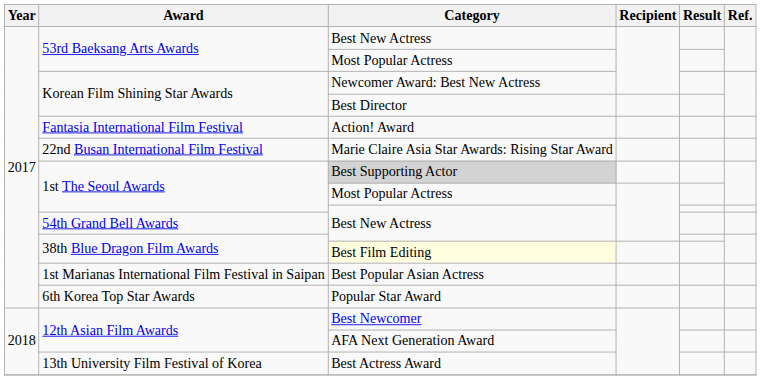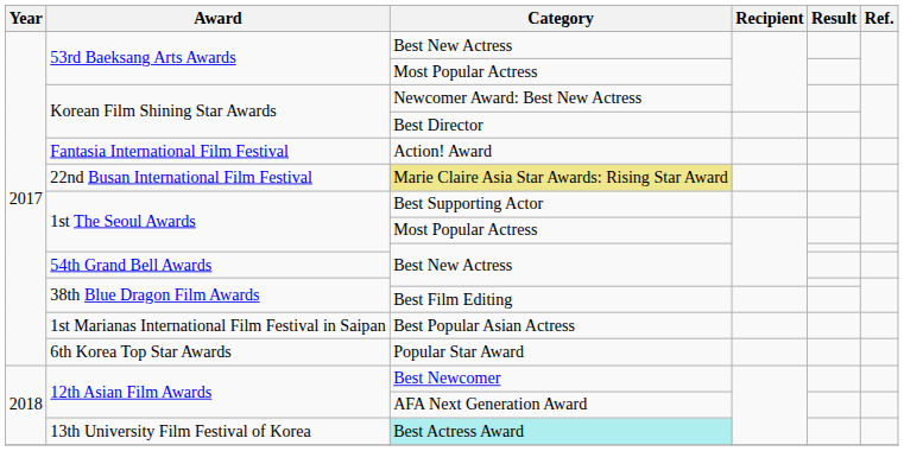 <table class="wikitable sortable">
 <tr>
 <th>Year</th>
 <th>Award</th>
 <th>Category</th>
 <th>Recipient</th>
 <th>Result</th>
 <th>Ref.</th>
 </tr>
 <tr>
 <td rowspan="14">2017</td>
 <td rowspan="2"><a href='#'>53rd Baeksang Arts Awards</a></td>
 <td>Best New Actress</td>
 <td rowspan="3"></td>
 <td></td>
 <td rowspan="2"></td>
 </tr>
 <tr>
 <td>Most Popular Actress</td>
 <td></td>
 </tr>
 <tr>
 <td rowspan="2">Korean Film Shining Star Awards</td>
 <td>Newcomer Award: Best New Actress</td>
 <td></td>
 <td rowspan="2"></td>
 </tr>
 <tr>
 <td>Best Director</td>
 <td></td>
 <td></td>
 </tr>
 <tr>
 <td><a href='#'>Fantasia International Film Festival</a></td>
 <td>Action! Award</td>
 <td></td>
 <td></td>
 <td></td>
 </tr>
 <tr>
 <td>22nd <a href='#'>Busan International Film Festival</a></td>
-<td>Marie Claire Asia Star Awards: Rising Star Award</td>
+<td style="background: khaki;">Marie Claire Asia Star Awards: Rising Star Award</td>
 <td></td>
 <td></td>
 <td></td>
 </tr>
 <tr>
 <td rowspan="3">1st <a href='#'>The Seoul Awards</a></td>
-<td style="background: lightgrey;">Best Supporting Actor</td>
+<td>Best Supporting Actor</td>
 <td></td>
 <td></td>
 <td rowspan="2"></td>
 </tr>
 <tr>
 <td>Most Popular Actress</td>
 <td rowspan="4"></td>
 <td></td>
 </tr>
 <tr>
 <td rowspan="3">Best New Actress</td>
 <td></td>
 <td></td>
 </tr>
 <tr>
 <td><a href='#'>54th Grand Bell Awards</a></td>
 <td></td>
 <td></td>
 </tr>
 <tr>
 <td rowspan="2">38th <a href='#'>Blue Dragon Film Awards</a></td>
 <td></td>
 <td rowspan=2></td>
 </tr>
 <tr>
-<td style="background: lightyellow;">Best Film Editing</td>
+<td>Best Film Editing</td>
 <td></td>
 <td></td>
 </tr>
 <tr>
 <td>1st Marianas International Film Festival in Saipan</td>
 <td>Best Popular Asian Actress</td>
 <td></td>
 <td></td>
 <td></td>
 </tr>
 <tr>
 <td>6th Korea Top Star Awards</td>
 <td>Popular Star Award</td>
 <td></td>
 <td></td>
 <td></td>
 </tr>
 <tr>
 <td rowspan="3">2018</td>
 <td rowspan="2"><a href='#'>12th Asian Film Awards</a></td>
 <td><a href='#'>Best Newcomer</a></td>
 <td rowspan="3"></td>
 <td></td>
 <td></td>
 </tr>
 <tr>
 <td>AFA Next Generation Award</td>
 <td></td>
 <td></td>
 </tr>
 <tr>
 <td>13th University Film Festival of Korea</td>
-<td>Best Actress Award</td>
+<td style="background: paleturquoise;">Best Actress Award</td>
 <td></td>
 <td></td>
 </tr>
 <tr>
 </tr>
 </table>
